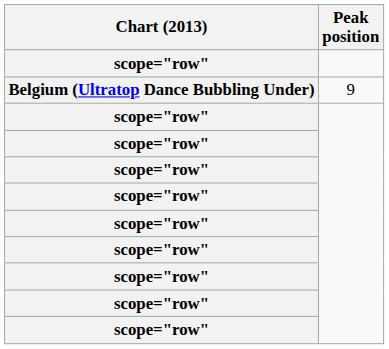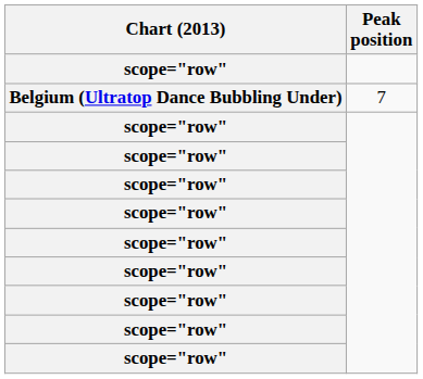 <table class="wikitable sortable plainrowheaders">
 <tr>
 <th>Chart (2013)</th>
 <th>Peak<br>position</th>
 </tr>
 <tr>
 <th>scope="row" </th>
 </tr>
 <tr>
 <th scope="row">Belgium (<a href='#'>Ultratop</a> Dance Bubbling Under)</th>
-<td align="center">9</td>
+<td align="center">7</td>
 </tr>
 <tr>
 <th>scope="row" </th>
 </tr>
 <tr>
 <th>scope="row" </th>
 </tr>
 <tr>
 <th>scope="row" </th>
 </tr>
 <tr>
 <th>scope="row" </th>
 </tr>
 <tr>
 <th>scope="row" </th>
 </tr>
 <tr>
 <th>scope="row" </th>
 </tr>
 <tr>
 <th>scope="row" </th>
 </tr>
 <tr>
 <th>scope="row" </th>
 </tr>
 <tr>
 <th>scope="row" </th>
 </tr>
 </table>
